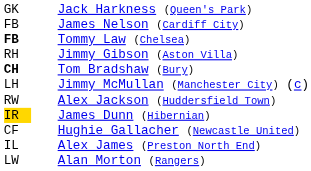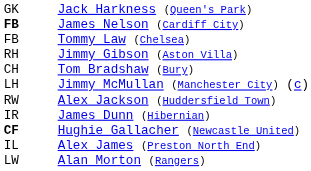 <table cellspacing="0" cellpadding="0" style="font-size:90%; margin:auto;">
 <tr>
 <td colspan=4></td>
 </tr>
 <tr>
 <th width=25></th>
 <th width=25></th>
 </tr>
 <tr>
 <td>GK</td>
 <td><strong> </strong></td>
 <td><a href='#'>Jack Harkness</a> <small>(<a href='#'>Queen's Park</a>)</small></td>
 </tr>
 <tr>
-<td>FB</td>
+<td><strong>FB</strong></td>
 <td><strong> </strong></td>
 <td><a href='#'>James Nelson</a> <small>(<a href='#'>Cardiff City</a>)</small></td>
 </tr>
 <tr>
-<td><strong>FB</strong></td>
+<td>FB</td>
 <td><strong> </strong></td>
 <td><a href='#'>Tommy Law</a> <small>(<a href='#'>Chelsea</a>)</small></td>
 </tr>
 <tr>
 <td>RH</td>
 <td><strong> </strong></td>
 <td><a href='#'>Jimmy Gibson</a> <small>(<a href='#'>Aston Villa</a>)</small></td>
 </tr>
 <tr>
-<td><strong>CH</strong></td>
+<td>CH</td>
 <td><strong> </strong></td>
 <td><a href='#'>Tom Bradshaw</a> <small>(<a href='#'>Bury</a>)</small></td>
 </tr>
 <tr>
 <td>LH</td>
 <td><strong> </strong></td>
 <td><a href='#'>Jimmy McMullan</a> <small>(<a href='#'>Manchester City</a>)</small> (<a href='#'>c</a>)</td>
 </tr>
 <tr>
 <td>RW</td>
 <td><strong> </strong></td>
 <td><a href='#'>Alex Jackson</a> <small>(<a href='#'>Huddersfield Town</a>)</small></td>
 </tr>
 <tr>
-<td style="background: gold;">IR</td>
+<td>IR</td>
 <td><strong> </strong></td>
 <td><a href='#'>James Dunn</a> <small>(<a href='#'>Hibernian</a>)</small></td>
 </tr>
 <tr>
-<td>CF</td>
+<td><strong>CF</strong></td>
 <td><strong> </strong></td>
 <td><a href='#'>Hughie Gallacher</a> <small>(<a href='#'>Newcastle United</a>)</small></td>
 </tr>
 <tr>
 <td>IL</td>
 <td><strong> </strong></td>
 <td><a href='#'>Alex James</a> <small>(<a href='#'>Preston North End</a>)</small></td>
 </tr>
 <tr>
 <td>LW</td>
 <td><strong> </strong></td>
 <td><a href='#'>Alan Morton</a> <small>(<a href='#'>Rangers</a>)</small></td>
 </tr>
 <tr>
 </tr>
 </table>
